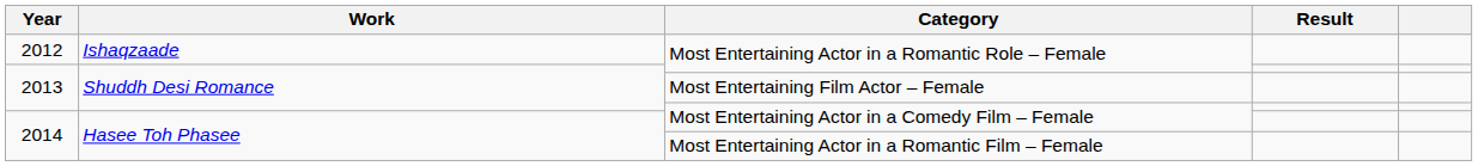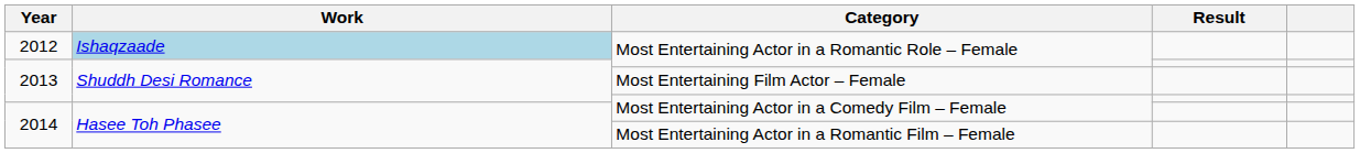 <table class="wikitable" style="width:100%;">
 <tr>
 <th width=5%>Year</th>
 <th style="width:40%;">Work</th>
 <th style="width:40%;">Category</th>
 <th style="width:10%;">Result</th>
 <th width=5%></th>
 </tr>
 <tr>
 <td style="text-align:center;">2012</td>
-<td style="text-align:left;"><em><a href='#'>Ishaqzaade</a></em></td>
+<td style="background: lightblue; text-align:left;"><em><a href='#'>Ishaqzaade</a></em></td>
 <td rowspan="2">Most Entertaining Actor in a Romantic Role – Female</td>
 <td></td>
 <td style="text-align:center;"></td>
 </tr>
 <tr>
 <td rowspan="3" style="text-align:center;">2013</td>
 <td rowspan="3" style="text-align:left;"><em><a href='#'>Shuddh Desi Romance</a></em></td>
 <td></td>
 <td style="text-align:center;"></td>
 </tr>
 <tr>
 <td>Most Entertaining Film Actor – Female</td>
 <td></td>
 <td style="text-align:center;"></td>
 </tr>
 <tr>
 <td rowspan="2">Most Entertaining Actor in a Comedy Film – Female</td>
 <td></td>
 <td style="text-align:center;"></td>
 </tr>
 <tr>
 <td rowspan="2" style="text-align:center;">2014</td>
 <td rowspan="2" style="text-align:left;"><em><a href='#'>Hasee Toh Phasee</a></em></td>
 <td></td>
 <td style="text-align:center;"></td>
 </tr>
 <tr>
 <td>Most Entertaining Actor in a Romantic Film – Female</td>
 <td></td>
 <td style="text-align:center;"></td>
 </tr>
 </table>
